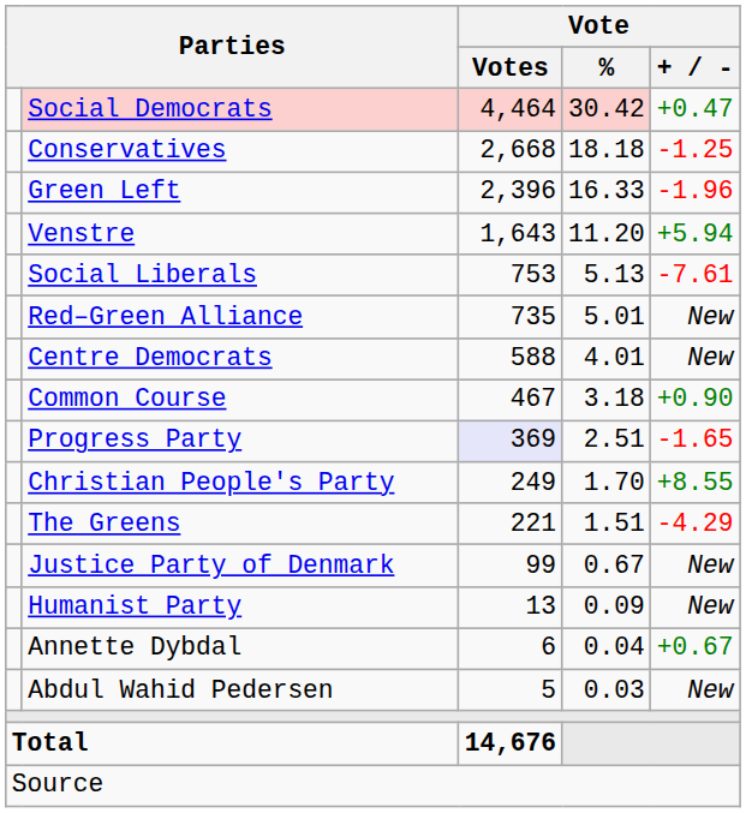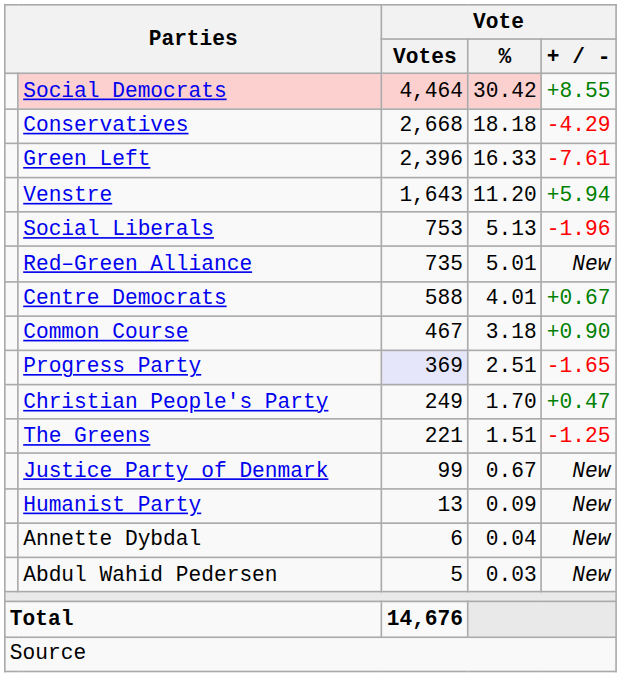 <table class="wikitable" style="text-align:right;">
 <tr>
 <th style="text-align:centre;" rowspan="2" colspan="2" width="225">Parties</th>
 <th colspan="3">Vote</th>
 </tr>
 <tr>
 <th width="15">Votes</th>
 <th width="15">%</th>
 <th width="15">+ / -</th>
 </tr>
 <tr>
 <td width="2" style="color:inherit;background:"></td>
 <td bgcolor=#fbd0ce  align="left"><a href='#'>Social Democrats</a></td>
 <td bgcolor=#fbd0ce>4,464</td>
 <td bgcolor=#fbd0ce>30.42</td>
-<td style=color:green;>+0.47</td>
+<td style=color:green;>+8.55</td>
 </tr>
 <tr>
 <td width="2" style="color:inherit;background:"></td>
 <td align="left"><a href='#'>Conservatives</a></td>
 <td>2,668</td>
 <td>18.18</td>
-<td style=color:red;>-1.25</td>
+<td style=color:red;>-4.29</td>
 </tr>
 <tr>
 <td width="2" style="color:inherit;background:"></td>
 <td align="left"><a href='#'>Green Left</a></td>
 <td>2,396</td>
 <td>16.33</td>
-<td style=color:red;>-1.96</td>
+<td style=color:red;>-7.61</td>
 </tr>
 <tr>
 <td width="2" style="color:inherit;background:"></td>
 <td align="left"><a href='#'>Venstre</a></td>
 <td>1,643</td>
 <td>11.20</td>
 <td style=color:green;>+5.94</td>
 </tr>
 <tr>
 <td width="2" style="color:inherit;background:"></td>
 <td align="left"><a href='#'>Social Liberals</a></td>
 <td>753</td>
 <td>5.13</td>
-<td style=color:red;>-7.61</td>
+<td style=color:red;>-1.96</td>
 </tr>
 <tr>
 <td width="2" style="color:inherit;background:"></td>
 <td align="left"><a href='#'>Red–Green Alliance</a></td>
 <td>735</td>
 <td>5.01</td>
 <td><em>New</em></td>
 </tr>
 <tr>
 <td width="2" style="color:inherit;background:"></td>
 <td align="left"><a href='#'>Centre Democrats</a></td>
 <td>588</td>
 <td>4.01</td>
-<td><em>New</em></td>
+<td style=color:green;>+0.67</td>
 </tr>
 <tr>
 <td width="2" style="color:inherit;background:"></td>
 <td align="left"><a href='#'>Common Course</a></td>
 <td>467</td>
 <td>3.18</td>
 <td style=color:green;>+0.90</td>
 </tr>
 <tr>
 <td width="2" style="color:inherit;background:"></td>
 <td align="left"><a href='#'>Progress Party</a></td>
 <td style="background: lavender;">369</td>
 <td>2.51</td>
 <td style=color:red;>-1.65</td>
 </tr>
 <tr>
 <td width="2" style="color:inherit;background:"></td>
 <td align="left"><a href='#'>Christian People's Party</a></td>
 <td>249</td>
 <td>1.70</td>
-<td style=color:green;>+8.55</td>
+<td style=color:green;>+0.47</td>
 </tr>
 <tr>
 <td width="2" style="color:inherit;background:"></td>
 <td align="left"><a href='#'>The Greens</a></td>
 <td>221</td>
 <td>1.51</td>
-<td style=color:red;>-4.29</td>
+<td style=color:red;>-1.25</td>
 </tr>
 <tr>
 <td width="2" style="color:inherit;background:"></td>
 <td align="left"><a href='#'>Justice Party of Denmark</a></td>
 <td>99</td>
 <td>0.67</td>
 <td><em>New</em></td>
 </tr>
 <tr>
 <td width="2" style="color:inherit;background:"></td>
 <td align="left"><a href='#'>Humanist Party</a></td>
 <td>13</td>
 <td>0.09</td>
 <td><em>New</em></td>
 </tr>
 <tr>
 <td width="2" style="color:inherit;background:"></td>
 <td align="left">Annette Dybdal</td>
 <td>6</td>
 <td>0.04</td>
-<td style=color:green;>+0.67</td>
+<td><em>New</em></td>
 </tr>
 <tr>
 <td width="2" style="color:inherit;background:"></td>
 <td align="left">Abdul Wahid Pedersen</td>
 <td>5</td>
 <td>0.03</td>
 <td><em>New</em></td>
 </tr>
 <tr>
 <td colspan="7" bgcolor="#E9E9E9"></td>
 </tr>
 <tr>
 <td align="left" colspan="2"><strong>Total</strong></td>
 <td><strong>14,676</strong></td>
 <td bgcolor="#E9E9E9" colspan="2"></td>
 </tr>
 <tr>
 <td align="left" colspan="6">Source</td>
 </tr>
 </table>
